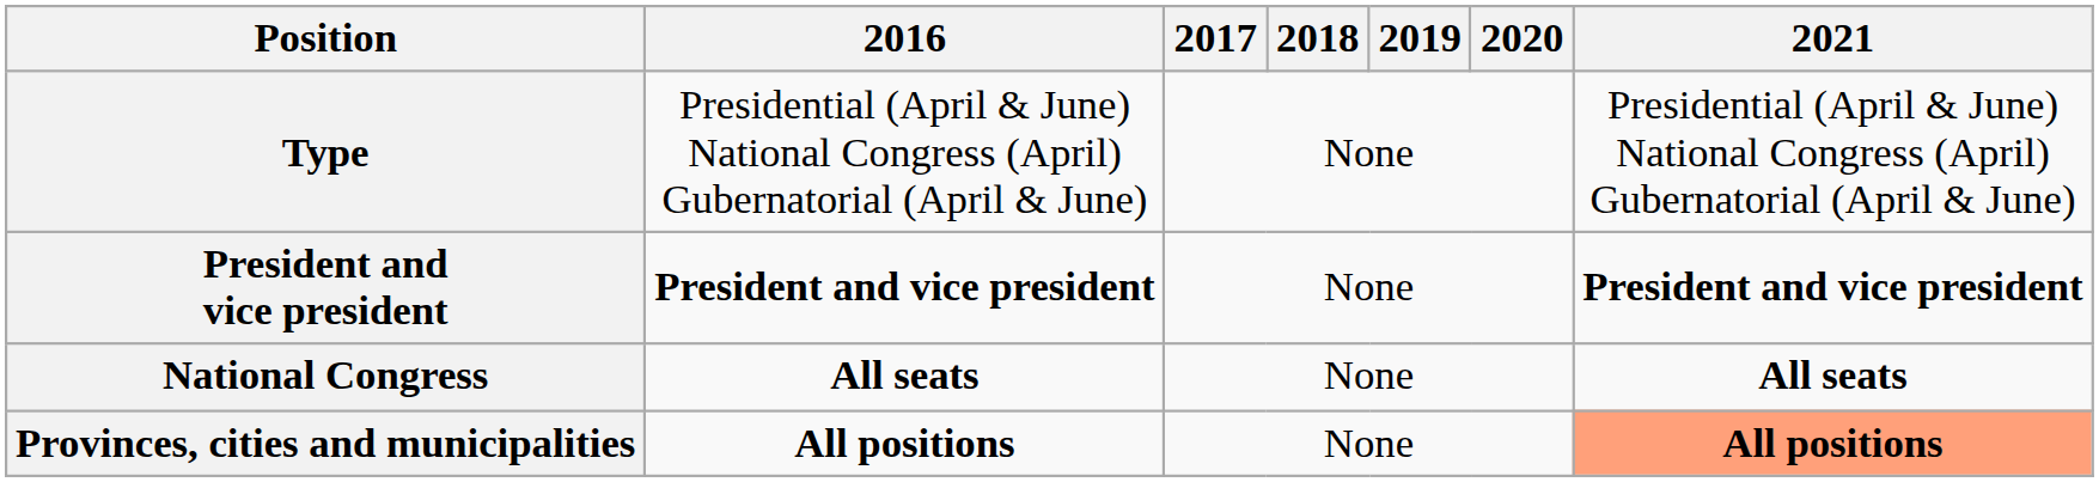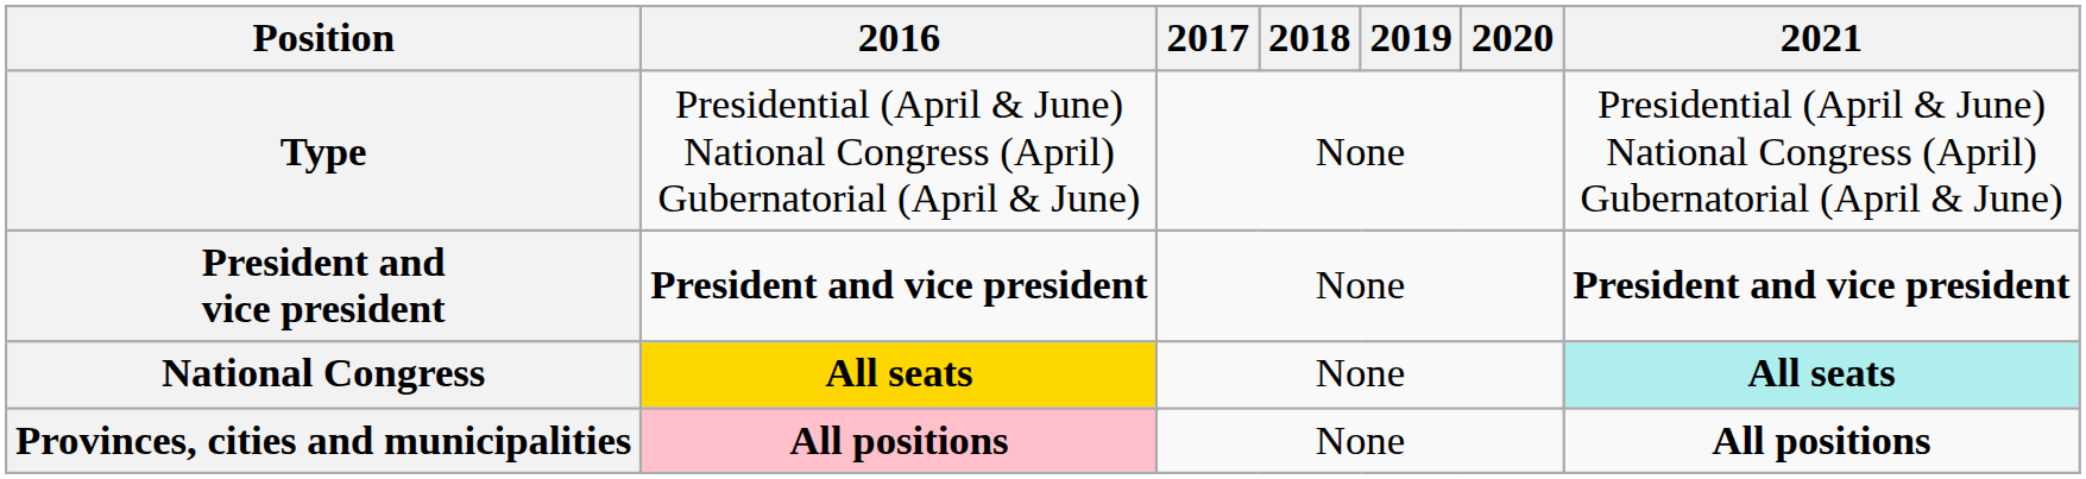 <table class=wikitable style="text-align:center;">
 <tr>
 <th>Position</th>
 <th>2016</th>
 <th>2017</th>
 <th>2018</th>
 <th>2019</th>
 <th>2020</th>
 <th>2021</th>
 </tr>
 <tr>
 <th>Type</th>
 <td>Presidential (April & June)<br>National Congress (April)<br>Gubernatorial (April & June)</td>
 <td colspan=4>None</td>
 <td>Presidential (April & June)<br>National Congress (April)<br>Gubernatorial (April & June)</td>
 </tr>
 <tr>
 <th>President and<br>vice president</th>
 <td><strong>President and vice president</strong></td>
 <td colspan=4>None</td>
 <td><strong>President and vice president</strong></td>
 </tr>
 <tr>
 <th>National Congress</th>
-<td><strong>All seats</strong></td>
+<td style="background: gold;"><strong>All seats</strong></td>
 <td colspan=4>None</td>
-<td><strong>All seats</strong></td>
+<td style="background: paleturquoise;"><strong>All seats</strong></td>
 </tr>
 <tr>
 <th>Provinces, cities and municipalities</th>
+<td style="background: pink;"><strong>All positions</strong></td>
+<td colspan=4>None</td>
 <td><strong>All positions</strong></td>
-<td colspan=4>None</td>
-<td style="background: lightsalmon;"><strong>All positions</strong></td>
 </tr>
 </table>
